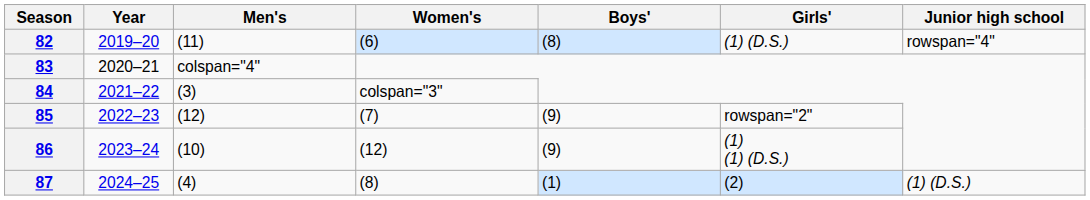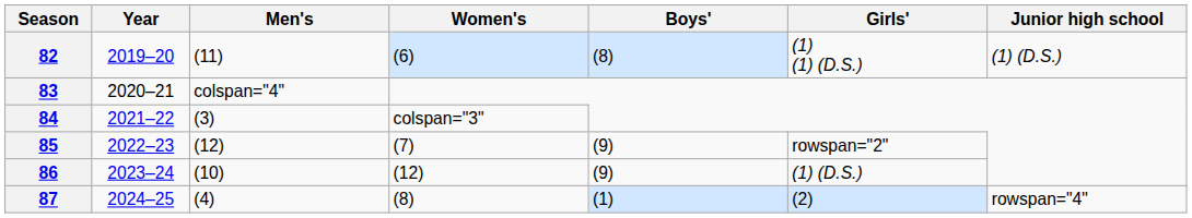 <table class="wikitable plainrowheaders" style="font-size:95%;">
 <tr>
 <th scope="col" style="width:70px;">Season</th>
 <th scope="col" style="width:80px;">Year</th>
 <th scope="col" style="width:170px;">Men's</th>
 <th scope="col" style="width:170px;">Women's</th>
 <th scope="col" style="width:170px;">Boys'</th>
 <th scope="col" style="width:170px;">Girls'</th>
 <th scope="col" style="width:170px;">Junior high school</th>
 </tr>
 <tr>
 <th scope="row" style="text-align:center;"><a href='#'>82</a></th>
 <td align=center><a href='#'>2019–20</a></td>
 <td> (11)</td>
 <td bgcolor=#D0E7FF> (6)</td>
 <td bgcolor=#D0E7FF> (8)</td>
+<td><em> (1)<br> (1) (D.S.)</em></td>
 <td><em> (1) (D.S.)</em></td>
-<td>rowspan="4" </td>
 </tr>
 <tr>
 <th scope="row" style="text-align:center;"><a href='#'>83</a></th>
 <td align=center>2020–21</td>
 <td>colspan="4" </td>
 </tr>
 <tr>
 <th scope="row" style="text-align:center;"><a href='#'>84</a></th>
 <td align=center><a href='#'>2021–22</a></td>
 <td> (3)</td>
 <td>colspan="3" </td>
 </tr>
 <tr>
 <th scope="row" style="text-align:center;"><a href='#'>85</a></th>
 <td align=center><a href='#'>2022–23</a></td>
 <td> (12)</td>
 <td> (7)</td>
 <td> (9)</td>
 <td>rowspan="2" </td>
 </tr>
 <tr>
 <th scope="row" style="text-align:center;"><a href='#'>86</a></th>
 <td align=center><a href='#'>2023–24</a></td>
 <td> (10)</td>
 <td> (12)</td>
 <td> (9)</td>
-<td><em> (1)<br> (1) (D.S.)</em></td>
+<td><em> (1) (D.S.)</em></td>
 </tr>
 <tr>
 <th scope="row" style="text-align:center;"><a href='#'>87</a></th>
 <td align=center><a href='#'>2024–25</a></td>
 <td> (4)</td>
 <td> (8)</td>
 <td bgcolor=#D0E7FF> (1)</td>
 <td bgcolor=#D0E7FF> (2)</td>
-<td><em> (1) (D.S.)</em></td>
+<td>rowspan="4" </td>
 </tr>
 </table>
